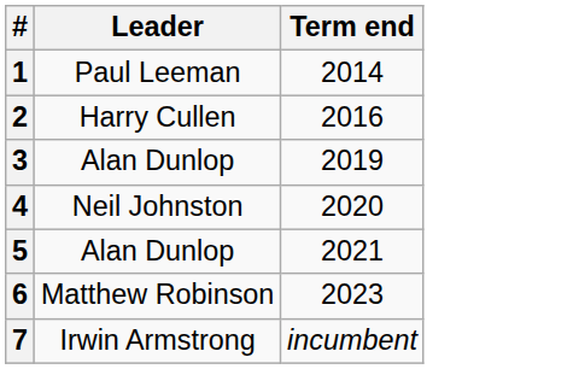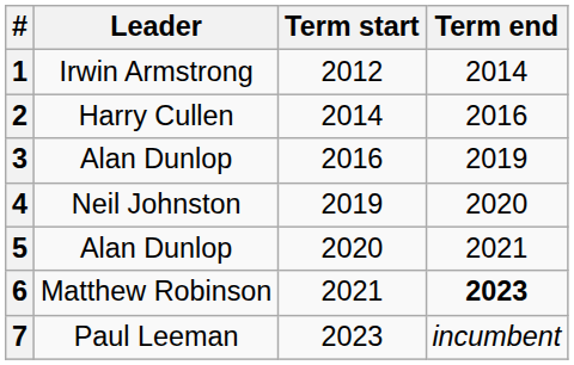 <table class="wikitable" style="text-align:center">
 <tr>
 <th>#</th>
 <th>Leader</th>
+<th>Term start</th>
 <th>Term end</th>
 </tr>
 <tr>
 <th style="background:">1</th>
-<td>Paul Leeman</td>
+<td>Irwin Armstrong</td>
+<td>2012</td>
 <td>2014</td>
 </tr>
 <tr>
 <th style="background:">2</th>
 <td>Harry Cullen</td>
+<td>2014</td>
 <td>2016</td>
 </tr>
 <tr>
 <th style="background:">3</th>
 <td>Alan Dunlop</td>
+<td>2016</td>
 <td>2019</td>
 </tr>
 <tr>
 <th style="background:">4</th>
 <td>Neil Johnston</td>
+<td>2019</td>
 <td>2020</td>
 </tr>
 <tr>
 <th style="background:">5</th>
 <td>Alan Dunlop</td>
+<td>2020</td>
 <td>2021</td>
 </tr>
 <tr>
 <th style="background:">6</th>
 <td>Matthew Robinson</td>
-<td>2023</td>
+<td>2021</td>
+<td><strong>2023</strong></td>
 </tr>
 <tr>
 <th style="background:">7</th>
-<td>Irwin Armstrong</td>
+<td>Paul Leeman</td>
+<td>2023</td>
 <td><em>incumbent</em></td>
 </tr>
 </table>
